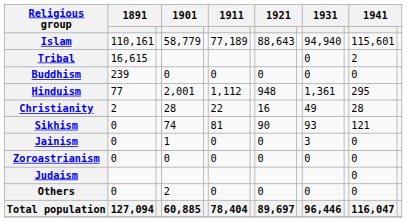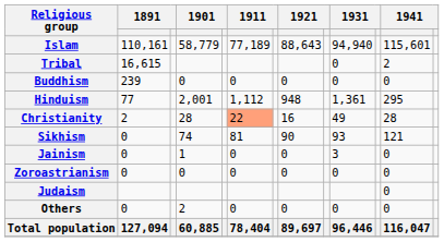 <table class="wikitable sortable">
 <tr>
 <th rowspan="2"><a href='#'>Religious</a><br>group</th>
 <th colspan="2">1891</th>
 <th colspan="2">1901</th>
 <th colspan="2">1911</th>
 <th colspan="2">1921</th>
 <th colspan="2">1931</th>
 <th colspan="2">1941</th>
 </tr>
 <tr>
 <th><a href='#'></a></th>
 <th></th>
 <th></th>
 <th></th>
 <th></th>
 <th></th>
 <th></th>
 <th></th>
 <th></th>
 <th></th>
 <th></th>
 <th></th>
 </tr>
 <tr>
 <th><a href='#'>Islam</a> </th>
 <td>110,161</td>
 <td></td>
 <td>58,779</td>
 <td></td>
 <td>77,189</td>
 <td></td>
 <td>88,643</td>
 <td></td>
 <td>94,940</td>
 <td></td>
 <td>115,601</td>
 <td></td>
 </tr>
 <tr>
 <th><a href='#'>Tribal</a></th>
 <td>16,615</td>
 <td></td>
 <td></td>
 <td></td>
 <td></td>
 <td></td>
 <td></td>
 <td></td>
 <td>0</td>
 <td></td>
 <td>2</td>
 <td></td>
 </tr>
 <tr>
 <th><a href='#'>Buddhism</a> </th>
 <td>239</td>
 <td></td>
 <td>0</td>
 <td></td>
 <td>0</td>
 <td></td>
 <td>0</td>
 <td></td>
 <td>0</td>
 <td></td>
 <td>0</td>
 <td></td>
 </tr>
 <tr>
 <th><a href='#'>Hinduism</a> </th>
 <td>77</td>
 <td></td>
 <td>2,001</td>
 <td></td>
 <td>1,112</td>
 <td></td>
 <td>948</td>
 <td></td>
 <td>1,361</td>
 <td></td>
 <td>295</td>
 <td></td>
 </tr>
 <tr>
 <th><a href='#'>Christianity</a> </th>
 <td>2</td>
 <td></td>
 <td>28</td>
 <td></td>
-<td>22</td>
+<td style="background: lightsalmon;">22</td>
 <td></td>
 <td>16</td>
 <td></td>
 <td>49</td>
 <td></td>
 <td>28</td>
 <td></td>
 </tr>
 <tr>
 <th><a href='#'>Sikhism</a> </th>
 <td>0</td>
 <td></td>
 <td>74</td>
 <td></td>
 <td>81</td>
 <td></td>
 <td>90</td>
 <td></td>
 <td>93</td>
 <td></td>
 <td>121</td>
 <td></td>
 </tr>
 <tr>
 <th><a href='#'>Jainism</a> </th>
 <td>0</td>
 <td></td>
 <td>1</td>
 <td></td>
 <td>0</td>
 <td></td>
 <td>0</td>
 <td></td>
 <td>3</td>
 <td></td>
 <td>0</td>
 <td></td>
 </tr>
 <tr>
 <th><a href='#'>Zoroastrianism</a> </th>
 <td>0</td>
 <td></td>
 <td>0</td>
 <td></td>
 <td>0</td>
 <td></td>
 <td>0</td>
 <td></td>
 <td>0</td>
 <td></td>
 <td>0</td>
 <td></td>
 </tr>
 <tr>
 <th><a href='#'>Judaism</a> </th>
 <td></td>
 <td></td>
 <td></td>
 <td></td>
 <td></td>
 <td></td>
 <td></td>
 <td></td>
 <td></td>
 <td></td>
 <td>0</td>
 <td></td>
 </tr>
 <tr>
 <th>Others</th>
 <td>0</td>
 <td></td>
 <td>2</td>
 <td></td>
 <td>0</td>
 <td></td>
 <td>0</td>
 <td></td>
 <td>0</td>
 <td></td>
 <td>0</td>
 <td></td>
 </tr>
 <tr>
 <th>Total population</th>
 <th>127,094</th>
 <th></th>
 <th>60,885</th>
 <th></th>
 <th>78,404</th>
 <th></th>
 <th>89,697</th>
 <th></th>
 <th>96,446</th>
 <th></th>
 <th>116,047</th>
 <th></th>
 </tr>
 <tr class="sortbottom">
 </tr>
 </table>
